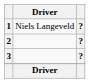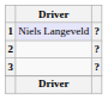 <table align=left| class="wikitable" style="font-size: 85%; text-align: center;">
 <tr valign="top">
 <th valign=middle></th>
 <th valign=middle>Driver</th>
 <th valign=middle>  </th>
 </tr>
 <tr>
 <th>1</th>
-<td align="left"> Niels Langeveld</td>
+<td align="left" style="background: lavender;"> Niels Langeveld</td>
 <th>?</th>
 </tr>
 <tr>
 <th>2</th>
 <td align="left"></td>
 <th>?</th>
 </tr>
 <tr>
 <th>3</th>
 <td align="left"></td>
 <th>?</th>
 </tr>
 <tr>
 </tr>
 <tr valign="top">
 <th valign=middle></th>
 <th valign=middle>Driver</th>
 <th valign=middle>  </th>
 </tr>
 </table>
